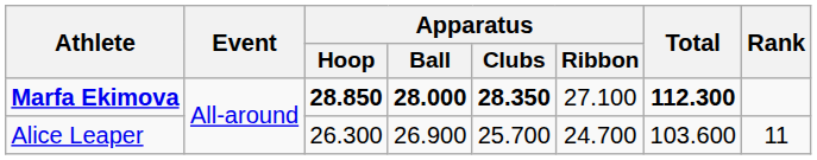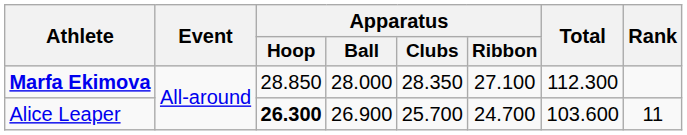 <table class=wikitable style=font-size:90%;text-align:center>
 <tr>
 <th rowspan=2>Athlete</th>
 <th rowspan=2>Event</th>
 <th colspan=4>Apparatus</th>
 <th rowspan=2>Total</th>
 <th rowspan=2>Rank</th>
 </tr>
 <tr style=font-size:95%>
 <th>Hoop</th>
 <th>Ball</th>
 <th>Clubs</th>
 <th>Ribbon</th>
 </tr>
 <tr>
 <td align=left><strong><a href='#'>Marfa Ekimova</a></strong></td>
 <td align=left rowspan=2><a href='#'>All-around</a></td>
-<td><strong>28.850</strong></td>
-<td><strong>28.000</strong></td>
-<td><strong>28.350</strong></td>
+<td>28.850</td>
+<td>28.000</td>
+<td>28.350</td>
 <td>27.100</td>
-<td><strong>112.300</strong></td>
+<td>112.300</td>
 <td></td>
 </tr>
 <tr>
 <td align=left><a href='#'>Alice Leaper</a></td>
-<td>26.300</td>
+<td><strong>26.300</strong></td>
 <td>26.900</td>
 <td>25.700</td>
 <td>24.700</td>
 <td>103.600</td>
 <td>11</td>
 </tr>
 </table>
